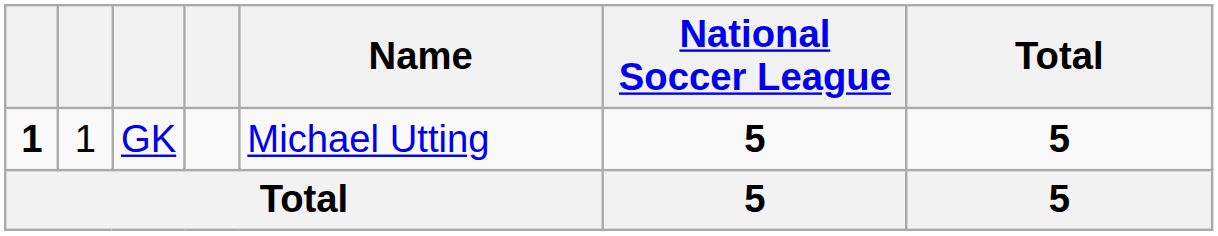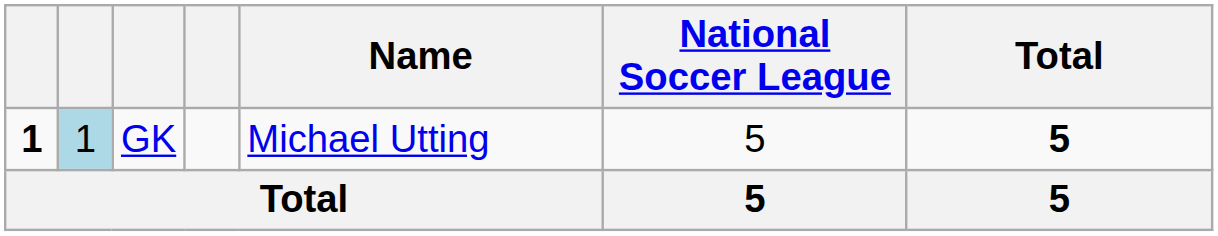 <table class="wikitable" style="text-align:center">
 <tr>
 <th width=15></th>
 <th width=15></th>
 <th width=15></th>
 <th width=15></th>
 <th width=145>Name</th>
 <th width=120><a href='#'>National Soccer League</a></th>
 <th width=120>Total</th>
 </tr>
 <tr>
 <td><strong>1</strong></td>
-<td>1</td>
+<td style="background: lightblue;">1</td>
 <td><a href='#'>GK</a></td>
 <td></td>
 <td align=left><a href='#'>Michael Utting</a></td>
-<td><strong>5</strong></td>
+<td>5</td>
 <td><strong>5</strong></td>
 </tr>
 <tr>
 <th colspan="5"><strong>Total</strong></th>
 <th>5</th>
 <th>5</th>
 </tr>
 </table>
